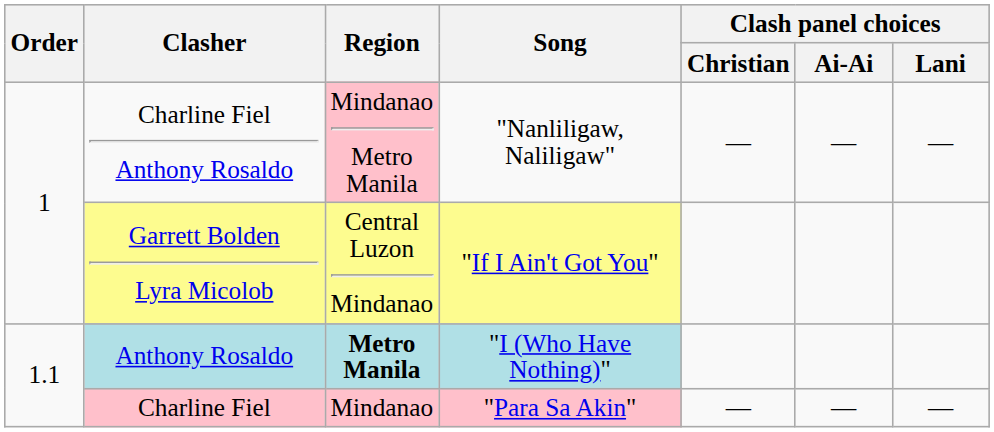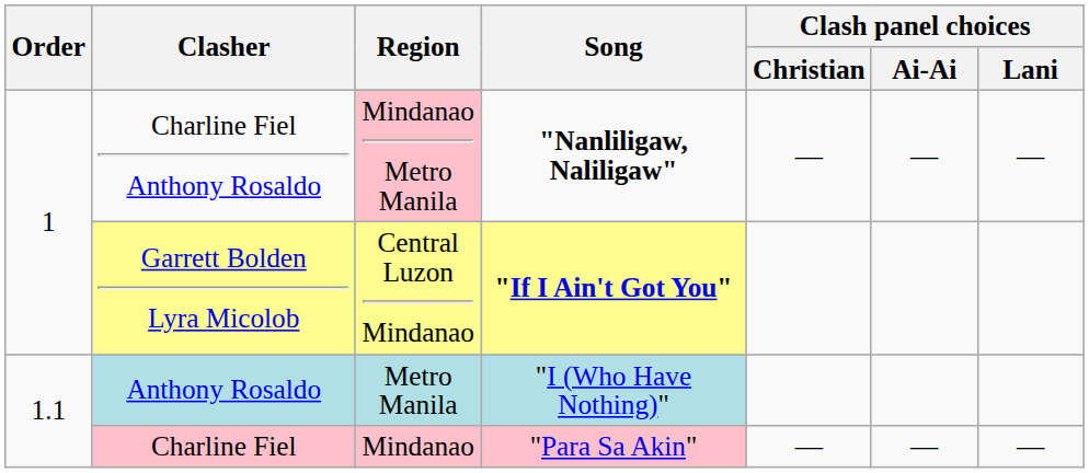 <table class="wikitable" style="text-align:center; line-height:17px; width:100%;">
 <tr>
 <th rowspan="2" width="5%">Order</th>
 <th rowspan="2" width="25%">Clasher</th>
 <th rowspan="2">Region</th>
 <th rowspan="2" width="25%">Song</th>
 <th colspan="3" width="30%">Clash panel choices</th>
 </tr>
 <tr>
 <th width="10%">Christian</th>
 <th width="10%">Ai-Ai</th>
 <th width="10%">Lani</th>
 </tr>
 <tr>
 <td rowspan="2">1</td>
 <td>Charline Fiel<hr><a href='#'>Anthony Rosaldo</a></td>
 <td style="background: pink;">Mindanao<hr>Metro Manila</td>
-<td>"Nanliligaw, Naliligaw"</td>
+<td><strong>"Nanliligaw, Naliligaw"</strong></td>
 <td>—</td>
 <td>—</td>
 <td>—</td>
 </tr>
 <tr>
 <td style="background:#fdfc8f;"><a href='#'>Garrett Bolden</a><hr><a href='#'>Lyra Micolob</a></td>
 <td style="background:#fdfc8f;">Central Luzon<hr>Mindanao</td>
-<td style="background:#fdfc8f;">"<a href='#'>If I Ain't Got You</a>"</td>
+<td style="background:#fdfc8f;"><strong>"<a href='#'>If I Ain't Got You</a>"</strong></td>
 <td><strong></strong></td>
 <td><strong></strong></td>
 <td><strong></strong></td>
 </tr>
 <tr>
 <td rowspan="2">1.1</td>
 <td style="background:#b0e0e6;"><a href='#'>Anthony Rosaldo</a></td>
-<td style="background:#b0e0e6;"><strong>Metro Manila</strong></td>
+<td style="background:#b0e0e6;">Metro Manila</td>
 <td style="background:#b0e0e6;">"<a href='#'>I (Who Have Nothing)</a>"</td>
 <td><strong></strong></td>
 <td><strong></strong></td>
 <td><strong></strong></td>
 </tr>
 <tr>
 <td style="background:pink;">Charline Fiel</td>
 <td style="background:pink;">Mindanao</td>
 <td style="background:pink;">"<a href='#'>Para Sa Akin</a>"</td>
 <td>—</td>
 <td>—</td>
 <td>—</td>
 </tr>
 </table>
